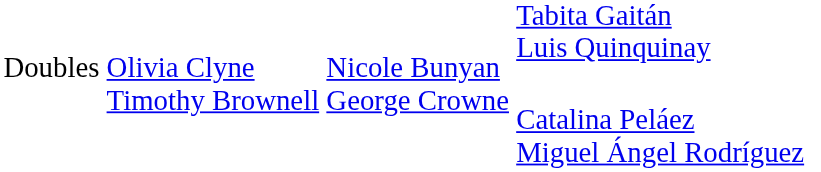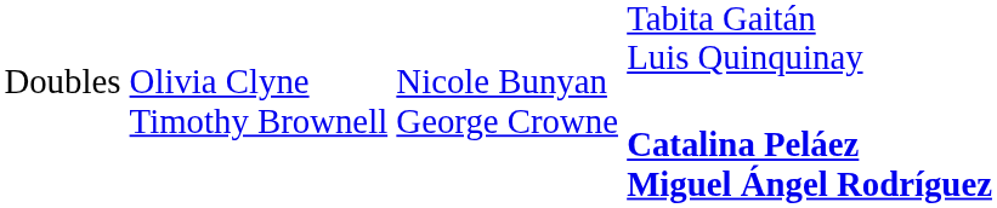 <table>
 <tr>
 <td rowspan=2>Doubles<br></td>
 <td rowspan=2><br><a href='#'>Olivia Clyne</a><br><a href='#'>Timothy Brownell</a></td>
 <td rowspan=2><br><a href='#'>Nicole Bunyan</a><br><a href='#'>George Crowne</a></td>
 <td><br><a href='#'>Tabita Gaitán</a><br><a href='#'>Luis Quinquinay</a></td>
 </tr>
 <tr>
-<td><br><a href='#'>Catalina Peláez</a><br><a href='#'>Miguel Ángel Rodríguez</a></td>
+<td><strong><br><a href='#'>Catalina Peláez</a><br><a href='#'>Miguel Ángel Rodríguez</a></strong></td>
 </tr>
 </table>
